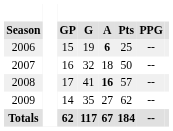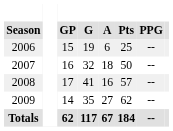 <table BORDER="0" CELLPADDING="3" CELLSPACING="0">
 <tr ALIGN="center" bgcolor="#e0e0e0">
 <th colspan="1" bgcolor="#ffffff"> </th>
 <th rowspan="99" bgcolor="#ffffff"> </th>
 <th rowspan="99" bgcolor="#ffffff"> </th>
 </tr>
 <tr ALIGN="center" bgcolor="#e0e0e0">
 <th>Season</th>
 <th>GP</th>
 <th>G</th>
 <th>A</th>
 <th>Pts</th>
 <th>PPG</th>
 <th></th>
 </tr>
 <tr ALIGN="center" bgcolor="#f0f0f0">
 <td>2006</td>
 <td>15</td>
 <td>19</td>
-<td><strong>6</strong></td>
+<td>6</td>
 <td>25</td>
 <td>--</td>
 <td></td>
 </tr>
 <tr ALIGN="center">
 <td>2007</td>
 <td>16</td>
 <td>32</td>
 <td>18</td>
 <td>50</td>
 <td>--</td>
 <td></td>
 </tr>
 <tr ALIGN="center" bgcolor="#f0f0f0">
 <td>2008</td>
 <td>17</td>
 <td>41</td>
-<td><strong>16</strong></td>
+<td>16</td>
 <td>57</td>
 <td>--</td>
 <td></td>
 </tr>
 <tr ALIGN="center">
 <td>2009</td>
 <td>14</td>
 <td>35</td>
 <td>27</td>
 <td>62</td>
 <td>--</td>
 <td></td>
 </tr>
 <tr ALIGN="center" bgcolor="#e0e0e0">
 <th colspan="1.5">Totals</th>
 <th>62</th>
 <th>117</th>
 <th>67</th>
 <th>184</th>
 <th>--</th>
 <th></th>
 </tr>
 </table>
